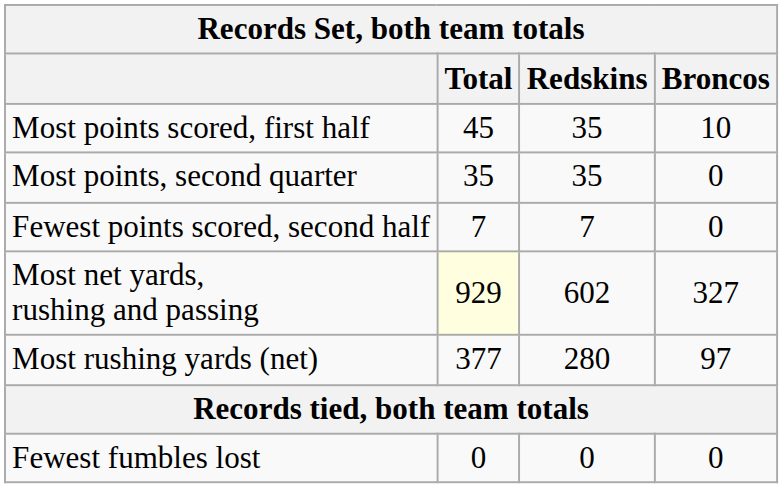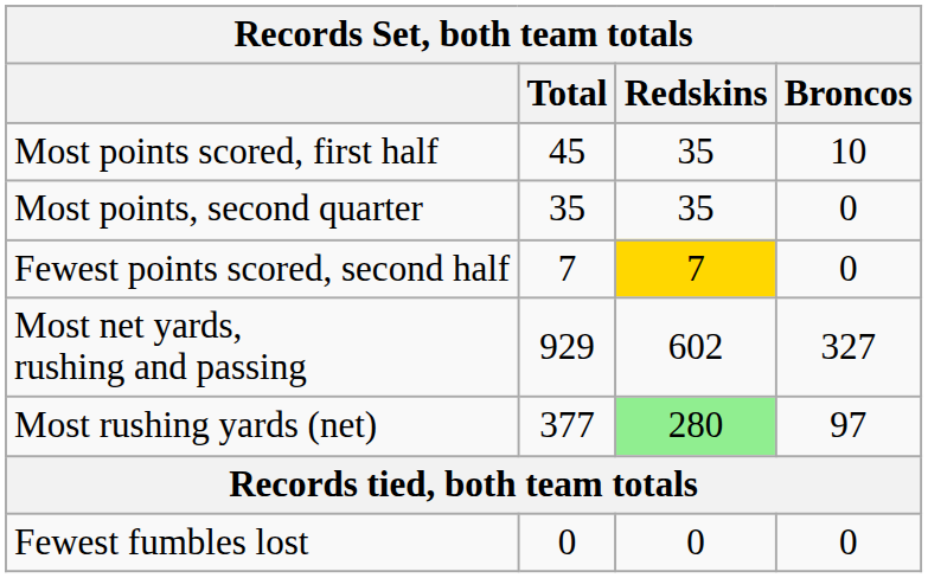 <table class="wikitable">
 <tr>
 <th colspan=4>Records Set, both team totals</th>
 </tr>
 <tr>
 <th></th>
 <th>Total</th>
 <th>Redskins</th>
 <th>Broncos</th>
 </tr>
 <tr align=center>
 <td align=left>Most points scored, first half</td>
 <td>45</td>
 <td>35</td>
 <td>10</td>
 </tr>
 <tr align=center>
 <td align=left>Most points, second quarter</td>
 <td>35</td>
 <td>35</td>
 <td>0</td>
 </tr>
 <tr align=center>
 <td align=left>Fewest points scored, second half</td>
 <td>7</td>
-<td>7</td>
+<td style="background: gold;">7</td>
 <td>0</td>
 </tr>
 <tr align=center>
 <td align=left>Most net yards,<br>rushing and passing</td>
-<td style="background: lightyellow;">929</td>
+<td>929</td>
 <td>602</td>
 <td>327</td>
 </tr>
 <tr align=center>
 <td align=left>Most rushing yards (net)</td>
 <td>377</td>
-<td>280</td>
+<td style="background: lightgreen;">280</td>
 <td>97</td>
 </tr>
 <tr>
 <th colspan=4>Records tied, both team totals</th>
 </tr>
 <tr align=center>
 <td align=left>Fewest fumbles lost</td>
 <td>0</td>
 <td>0</td>
 <td>0</td>
 </tr>
 </table>
